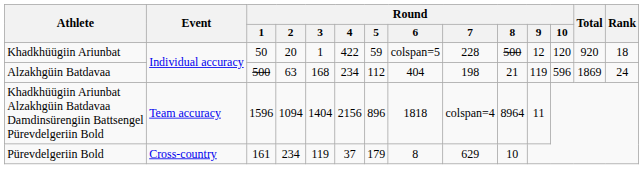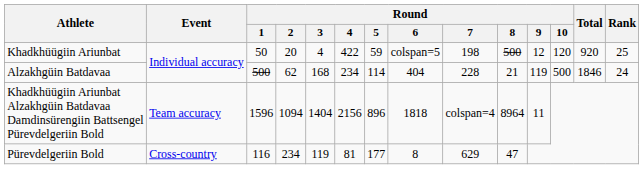 <table class=wikitable style=font-size:90%;text-align:center>
 <tr>
 <th rowspan="2">Athlete</th>
 <th rowspan="2">Event</th>
 <th colspan=10>Round</th>
 <th rowspan=2>Total</th>
 <th rowspan=2>Rank</th>
 </tr>
 <tr style="font-size:95%">
 <th>1</th>
 <th>2</th>
 <th>3</th>
 <th>4</th>
 <th>5</th>
 <th>6</th>
 <th>7</th>
 <th>8</th>
 <th>9</th>
 <th>10</th>
 </tr>
 <tr>
 <td align=left>Khadkhüügiin Ariunbat</td>
 <td align=left rowspan=2><a href='#'>Individual accuracy</a></td>
 <td>50</td>
 <td>20</td>
-<td>1</td>
+<td>4</td>
 <td>422</td>
 <td>59</td>
 <td>colspan=5 </td>
-<td>228</td>
+<td>198</td>
 <td><s>500</s></td>
 <td>12</td>
 <td>120</td>
 <td>920</td>
-<td>18</td>
+<td>25</td>
 </tr>
 <tr>
 <td align=left>Alzakhgüin Batdavaa</td>
 <td><s>500</s></td>
-<td>63</td>
+<td>62</td>
 <td>168</td>
 <td>234</td>
-<td>112</td>
+<td>114</td>
 <td>404</td>
-<td>198</td>
+<td>228</td>
 <td>21</td>
 <td>119</td>
-<td>596</td>
-<td>1869</td>
+<td>500</td>
+<td>1846</td>
 <td>24</td>
 </tr>
 <tr>
 <td align=left>Khadkhüügiin Ariunbat<br>Alzakhgüin Batdavaa<br>Damdinsürengiin Battsengel<br>Pürevdelgeriin Bold</td>
 <td align=left><a href='#'>Team accuracy</a></td>
 <td>1596</td>
 <td>1094</td>
 <td>1404</td>
 <td>2156</td>
 <td>896</td>
 <td>1818</td>
 <td>colspan=4 </td>
 <td>8964</td>
 <td>11</td>
 </tr>
 <tr>
 <td align=left>Pürevdelgeriin Bold</td>
 <td align=left><a href='#'>Cross-country</a></td>
-<td>161</td>
+<td>116</td>
 <td>234</td>
 <td>119</td>
-<td>37</td>
-<td>179</td>
+<td>81</td>
+<td>177</td>
 <td>8</td>
 <td>629</td>
-<td>10</td>
+<td>47</td>
 </tr>
 </table>
